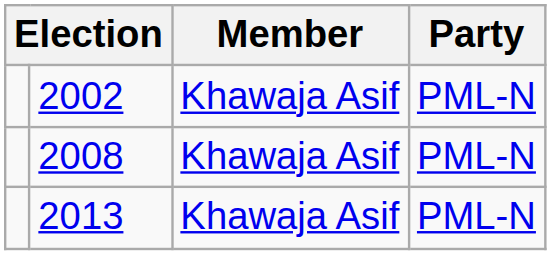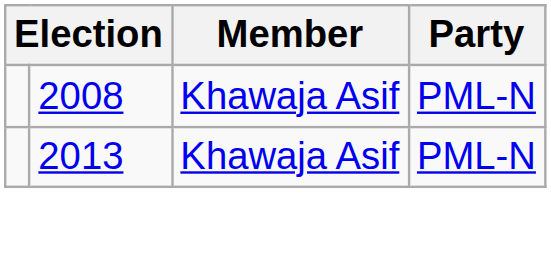 <table class="wikitable">
 <tr>
 <th colspan="2">Election</th>
 <th>Member</th>
 <th>Party</th>
-</tr>
-<tr>
-<td style="background-color: "></td>
-<td><a href='#'>2002</a></td>
-<td><a href='#'>Khawaja Asif</a></td>
-<td><a href='#'>PML-N</a></td>
 </tr>
 <tr>
 <td style="background-color: "></td>
 <td><a href='#'>2008</a></td>
 <td><a href='#'>Khawaja Asif</a></td>
 <td><a href='#'>PML-N</a></td>
 </tr>
 <tr>
 <td style="background-color: "></td>
 <td><a href='#'>2013</a></td>
 <td><a href='#'>Khawaja Asif</a></td>
 <td><a href='#'>PML-N</a></td>
 </tr>
 </table>
